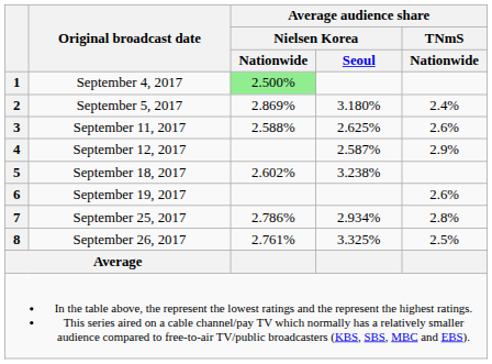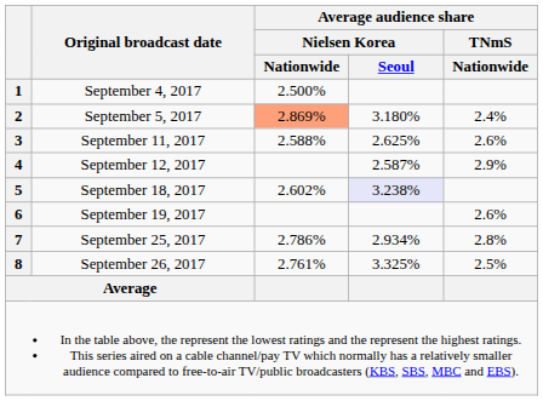 <table class="wikitable" style="text-align:center; width:550px">
 <tr>
 <th rowspan="3"></th>
 <th rowspan="3">Original broadcast date</th>
 <th colspan="4">Average audience share</th>
 </tr>
 <tr>
 <th colspan="2">Nielsen Korea</th>
 <th>TNmS</th>
 </tr>
 <tr>
 <th width="90">Nationwide</th>
 <th width="90"><a href='#'>Seoul</a></th>
 <th width="90">Nationwide</th>
 </tr>
 <tr>
 <th>1</th>
 <td>September 4, 2017</td>
-<td style="background: lightgreen;">2.500%</td>
+<td>2.500%</td>
 <td></td>
 <td></td>
 </tr>
 <tr>
 <th>2</th>
 <td>September 5, 2017</td>
-<td>2.869%</td>
+<td style="background: lightsalmon;">2.869%</td>
 <td>3.180%</td>
 <td>2.4%</td>
 </tr>
 <tr>
 <th>3</th>
 <td>September 11, 2017</td>
 <td>2.588%</td>
 <td>2.625%</td>
 <td>2.6%</td>
 </tr>
 <tr>
 <th>4</th>
 <td>September 12, 2017</td>
 <td></td>
 <td>2.587%</td>
 <td>2.9%</td>
 </tr>
 <tr>
 <th>5</th>
 <td>September 18, 2017</td>
 <td>2.602%</td>
-<td>3.238%</td>
+<td style="background: lavender;">3.238%</td>
 <td></td>
 </tr>
 <tr>
 <th>6</th>
 <td>September 19, 2017</td>
 <td></td>
 <td></td>
 <td>2.6%</td>
 </tr>
 <tr>
 <th>7</th>
 <td>September 25, 2017</td>
 <td>2.786%</td>
 <td>2.934%</td>
 <td>2.8%</td>
 </tr>
 <tr>
 <th>8</th>
 <td>September 26, 2017</td>
 <td>2.761%</td>
 <td>3.325%</td>
 <td>2.5%</td>
 </tr>
 <tr>
 <th colspan="2">Average</th>
 <th></th>
 <th></th>
 <th></th>
 </tr>
 <tr>
 <td colspan="5" style="font-size:85%"><br><ul><li>In the table above, the <strong></strong> represent the lowest ratings and the <strong></strong> represent the highest ratings.</li><li>This series aired on a cable channel/pay TV which normally has a relatively smaller audience compared to free-to-air TV/public broadcasters (<a href='#'>KBS</a>, <a href='#'>SBS</a>, <a href='#'>MBC</a> and <a href='#'>EBS</a>).</li></ul></td>
 </tr>
 </table>
